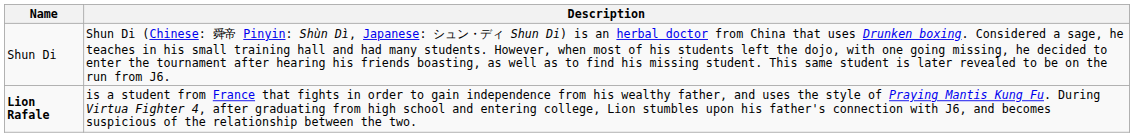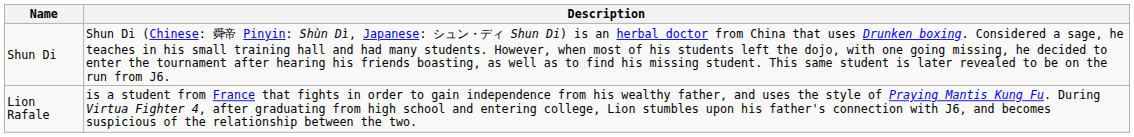 <table class="wikitable sortable">
 <tr>
 <th scope="col" width="7%">Name</th>
 <th>Description</th>
 </tr>
 <tr id="Shun Di">
 <td>Shun Di</td>
 <td>Shun Di (<a href='#'>Chinese</a>: 舜帝 <a href='#'>Pinyin</a>: <em>Shùn Dì</em>, <a href='#'>Japanese</a>: シュン・ディ <em>Shun Di</em>) is an <a href='#'>herbal doctor</a> from China that uses <em><a href='#'>Drunken boxing</a></em>. Considered a sage, he teaches in his small training hall and had many students. However, when most of his students left the dojo, with one going missing, he decided to enter the tournament after hearing his friends boasting, as well as to find his missing student. This same student is later revealed to be on the run from J6.</td>
 </tr>
 <tr id="Lion Rafale">
-<td><strong>Lion Rafale</strong></td>
+<td>Lion Rafale</td>
 <td> is a student from <a href='#'>France</a> that fights in order to gain independence from his wealthy father, and uses the style of <em><a href='#'>Praying Mantis Kung Fu</a></em>. During <em>Virtua Fighter 4</em>, after graduating from high school and entering college, Lion stumbles upon his father's connection with J6, and becomes suspicious of the relationship between the two.</td>
 </tr>
 </table>
